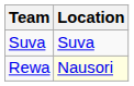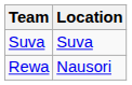 <table class="wikitable sortable">
 <tr>
 <th>Team</th>
 <th>Location</th>
 </tr>
 <tr>
 <td><a href='#'>Suva</a></td>
 <td><a href='#'>Suva</a></td>
 </tr>
 <tr>
 <td><a href='#'>Rewa</a></td>
-<td style="background: lightyellow;"><a href='#'>Nausori</a></td>
+<td><a href='#'>Nausori</a></td>
 </tr>
 </table>
